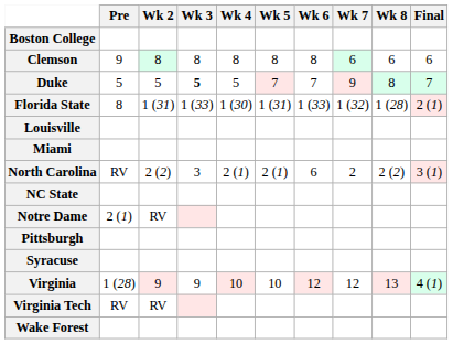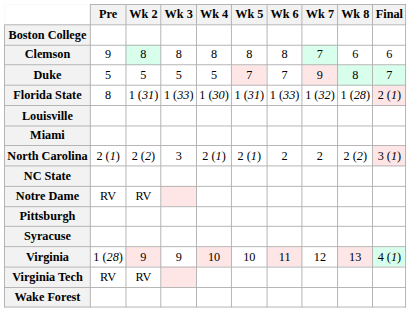 <table class="wikitable" style="white-space:nowrap;font-size:90%;">
 <tr>
 <th colspan=1 style="background:white; border-top-style:hidden; border-left-style:hidden;"> </th>
 <th>Pre <br></th>
 <th>Wk 2 <br></th>
 <th>Wk 3 <br></th>
 <th>Wk 4 <br></th>
 <th>Wk 5 <br></th>
 <th>Wk 6 <br></th>
 <th>Wk 7 <br></th>
 <th>Wk 8 <br></th>
 <th>Final <br></th>
 </tr>
 <tr style="text-align:center;">
 <th>Boston College</th>
 <td style="background:#FFF;"></td>
 <td style="background:#FFF;"></td>
 <td style="background:#FFF;"></td>
 <td style="background:#FFF;"></td>
 <td style="background:#FFF;"></td>
 <td style="background:#FFF;"></td>
 <td style="background:#FFF;"></td>
 <td style="background:#FFF;"></td>
 <td style="background:#FFF;"></td>
 </tr>
 <tr style="text-align:center;">
 <th>Clemson</th>
 <td style="background:#FFF;"> 9</td>
 <td style="background:#D8FFEB;"> 8</td>
 <td style="background:#FFF;"> 8</td>
 <td style="background:#FFF;"> 8</td>
 <td style="background:#FFF;"> 8</td>
 <td style="background:#FFF;"> 8</td>
-<td style="background:#D8FFEB;"> 6</td>
+<td style="background:#D8FFEB;"> 7</td>
 <td style="background:#FFF;"> 6</td>
 <td style="background:#FFF;"> 6</td>
 </tr>
 <tr style="text-align:center;">
 <th>Duke</th>
 <td style="background:#FFF;"> 5</td>
 <td style="background:#FFF;"> 5</td>
-<td style="background:#FFF;"><strong> 5</strong></td>
+<td style="background:#FFF;"> 5</td>
 <td style="background:#FFF;"> 5</td>
 <td style="background:#FFE6E6;"> 7</td>
 <td style="background:#FFF;"> 7</td>
 <td style="background:#FFE6E6;"> 9</td>
 <td style="background:#D8FFEB;"> 8</td>
 <td style="background:#D8FFEB;"> 7</td>
 </tr>
 <tr style="text-align:center;">
 <th>Florida State</th>
 <td style="background:#FFF;"> 8</td>
 <td style="background:#FFF;"> 1 (<em>31</em>)</td>
 <td style="background:#FFF;"> 1 (<em>33</em>)</td>
 <td style="background:#FFF;"> 1 (<em>30</em>)</td>
 <td style="background:#FFF;"> 1 (<em>31</em>)</td>
 <td style="background:#FFF;"> 1 (<em>33</em>)</td>
 <td style="background:#FFF;"> 1 (<em>32</em>)</td>
 <td style="background:#FFF;"> 1 (<em>28</em>)</td>
 <td style="background:#FFE6E6;"> 2 (<em>1</em>)</td>
 </tr>
 <tr style="text-align:center;">
 <th>Louisville</th>
 <td style="background:#FFF;"></td>
 <td style="background:#FFF;"></td>
 <td style="background:#FFF;"></td>
 <td style="background:#FFF;"></td>
 <td style="background:#FFF;"></td>
 <td style="background:#FFF;"></td>
 <td style="background:#FFF;"></td>
 <td style="background:#FFF;"></td>
 <td style="background:#FFF;"></td>
 </tr>
 <tr style="text-align:center;">
 <th>Miami</th>
 <td style="background:#FFF;"></td>
 <td style="background:#FFF;"></td>
 <td style="background:#FFF;"></td>
 <td style="background:#FFF;"></td>
 <td style="background:#FFF;"></td>
 <td style="background:#FFF;"></td>
 <td style="background:#FFF;"></td>
 <td style="background:#FFF;"></td>
 <td style="background:#FFF;"></td>
 </tr>
 <tr style="text-align:center;">
 <th>North Carolina</th>
-<td style="background:#FFF;"> RV</td>
+<td style="background:#FFF;"> 2 (<em>1</em>)</td>
 <td style="background:#FFF;"> 2 (<em>2</em>)</td>
 <td style="background:#FFF;"> 3</td>
 <td style="background:#FFF;"> 2 (<em>1</em>)</td>
 <td style="background:#FFF;"> 2 (<em>1</em>)</td>
-<td style="background:#FFF;"> 6</td>
+<td style="background:#FFF;"> 2</td>
 <td style="background:#FFF;"> 2</td>
 <td style="background:#FFF;"> 2 (<em>2</em>)</td>
 <td style="background:#FFE6E6;"> 3 (<em>1</em>)</td>
 </tr>
 <tr style="text-align:center;">
 <th>NC State</th>
 <td style="background:#FFF;"></td>
 <td style="background:#FFF;"></td>
 <td style="background:#FFF;"></td>
 <td style="background:#FFF;"></td>
 <td style="background:#FFF;"></td>
 <td style="background:#FFF;"></td>
 <td style="background:#FFF;"></td>
 <td style="background:#FFF;"></td>
 <td style="background:#FFF;"></td>
 </tr>
 <tr style="text-align:center;">
 <th>Notre Dame</th>
-<td style="background:#FFF;"> 2 (<em>1</em>)</td>
+<td style="background:#FFF;"> RV</td>
 <td style="background:#FFF;"> RV</td>
 <td style="background:#FFE6E6;"></td>
 <td style="background:#FFF;"></td>
 <td style="background:#FFF;"></td>
 <td style="background:#FFF;"></td>
 <td style="background:#FFF;"></td>
 <td style="background:#FFF;"></td>
 <td style="background:#FFF;"></td>
 </tr>
 <tr style="text-align:center;">
 <th>Pittsburgh</th>
 <td style="background:#FFF;"></td>
 <td style="background:#FFF;"></td>
 <td style="background:#FFF;"></td>
 <td style="background:#FFF;"></td>
 <td style="background:#FFF;"></td>
 <td style="background:#FFF;"></td>
 <td style="background:#FFF;"></td>
 <td style="background:#FFF;"></td>
 <td style="background:#FFF;"></td>
 </tr>
 <tr style="text-align:center;">
 <th>Syracuse</th>
 <td style="background:#FFF;"></td>
 <td style="background:#FFF;"></td>
 <td style="background:#FFF;"></td>
 <td style="background:#FFF;"></td>
 <td style="background:#FFF;"></td>
 <td style="background:#FFF;"></td>
 <td style="background:#FFF;"></td>
 <td style="background:#FFF;"></td>
 <td style="background:#FFF;"></td>
 </tr>
 <tr style="text-align:center;">
 <th>Virginia</th>
 <td style="background:#FFF;"> 1 (<em>28</em>)</td>
 <td style="background:#FFE6E6;"> 9</td>
 <td style="background:#FFF;"> 9</td>
 <td style="background:#FFE6E6;"> 10</td>
 <td style="background:#FFF;"> 10</td>
-<td style="background:#FFE6E6;"> 12</td>
+<td style="background:#FFE6E6;"> 11</td>
 <td style="background:#FFF;"> 12</td>
 <td style="background:#FFE6E6;"> 13</td>
 <td style="background:#D8FFEB;"> 4 (<em>1</em>)</td>
 </tr>
 <tr style="text-align:center;">
 <th>Virginia Tech</th>
 <td style="background:#FFF;"> RV</td>
 <td style="background:#FFF;"> RV</td>
 <td style="background:#FFE6E6;"></td>
 <td style="background:#FFF;"></td>
 <td style="background:#FFF;"></td>
 <td style="background:#FFF;"></td>
 <td style="background:#FFF;"></td>
 <td style="background:#FFF;"></td>
 <td style="background:#FFF;"></td>
 </tr>
 <tr style="text-align:center;">
 <th>Wake Forest</th>
 <td style="background:#FFF;"></td>
 <td style="background:#FFF;"></td>
 <td style="background:#FFF;"></td>
 <td style="background:#FFF;"></td>
 <td style="background:#FFF;"></td>
 <td style="background:#FFF;"></td>
 <td style="background:#FFF;"></td>
 <td style="background:#FFF;"></td>
 <td style="background:#FFF;"></td>
 </tr>
 </table>
